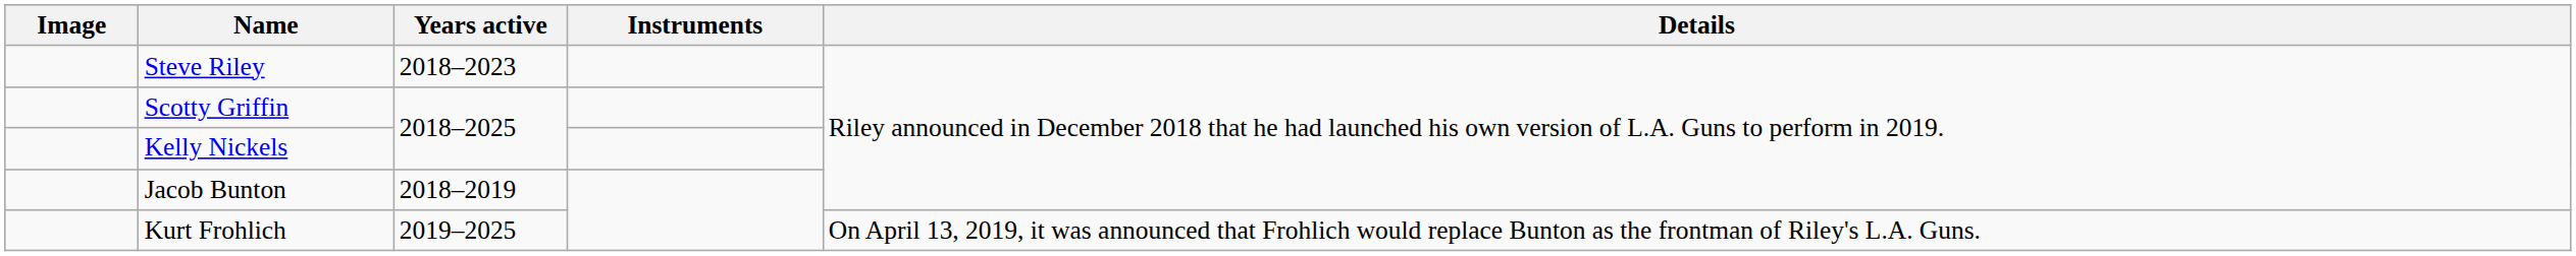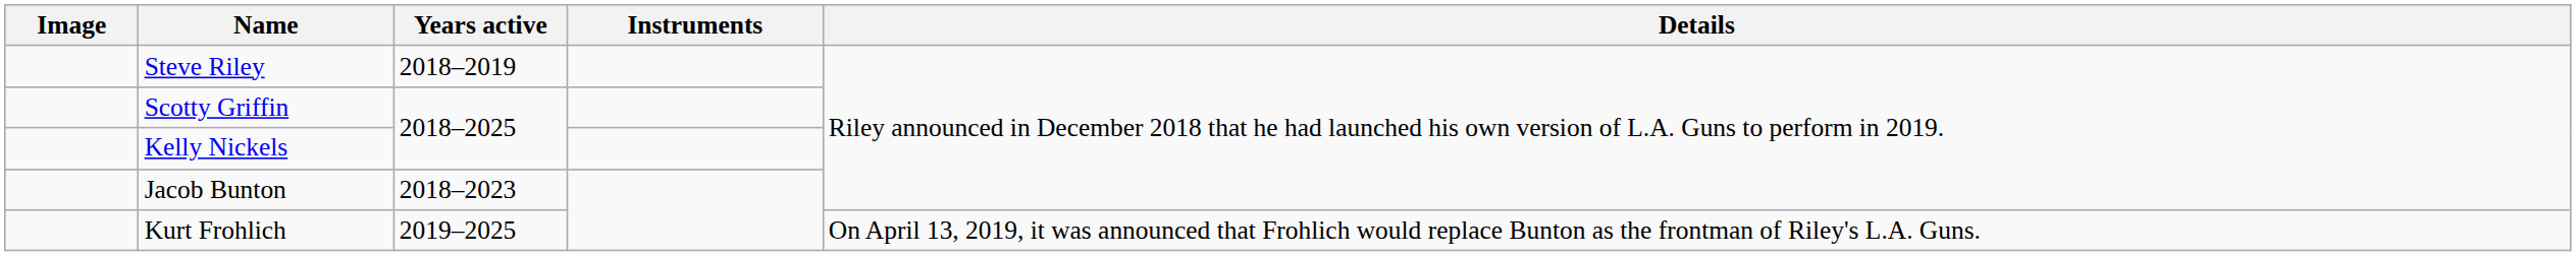 <table class="wikitable" border="1" width=100%>
 <tr>
 <th width="75">Image</th>
 <th width="150">Name</th>
 <th width="100">Years active</th>
 <th width="150">Instruments</th>
 <th>Details</th>
 </tr>
 <tr>
 <td></td>
 <td><a href='#'>Steve Riley</a></td>
-<td>2018–2023 </td>
+<td>2018–2019</td>
 <td></td>
 <td rowspan="4">Riley announced in December 2018 that he had launched his own version of L.A. Guns to perform in 2019.</td>
 </tr>
 <tr>
 <td></td>
 <td><a href='#'>Scotty Griffin</a></td>
 <td rowspan="2">2018–2025</td>
 <td></td>
 </tr>
 <tr>
 <td></td>
 <td><a href='#'>Kelly Nickels</a><br></td>
 <td></td>
 </tr>
 <tr>
 <td></td>
 <td>Jacob Bunton</td>
-<td>2018–2019</td>
+<td>2018–2023 </td>
 <td rowspan="2"></td>
 </tr>
 <tr>
 <td></td>
 <td>Kurt Frohlich</td>
 <td>2019–2025</td>
 <td>On April 13, 2019, it was announced that Frohlich would replace Bunton as the frontman of Riley's L.A. Guns.</td>
 </tr>
 </table>
